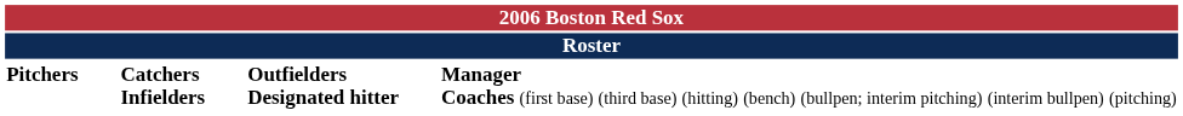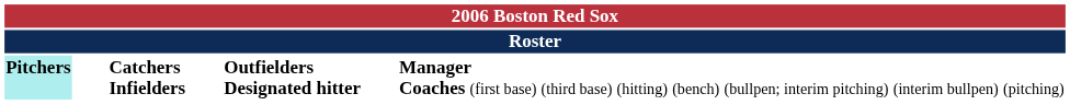 <table class="toccolours" style="text-align: left;">
 <tr>
 <th colspan="10" style="background-color: #ba313c; color: #FFFFFF; text-align: center;">2006 Boston Red Sox</th>
 </tr>
 <tr>
 <td colspan="10" style="background-color:#0d2b56; color: white; text-align: center;"><strong>Roster</strong></td>
 </tr>
 <tr>
-<td valign="top"><strong>Pitchers</strong><br>                           </td>
+<td valign="top" style="background: paleturquoise;"><strong>Pitchers</strong><br>                           </td>
 <td width="25px"></td>
 <td valign="top"><strong>Catchers</strong><br>      <strong>Infielders</strong>        </td>
 <td width="25px"></td>
 <td valign="top"><strong>Outfielders</strong><br>          <strong>Designated hitter</strong>  </td>
 <td width="25px"></td>
 <td valign="top"><strong>Manager</strong><br> <strong>Coaches</strong>  <small>(first base)</small>  <small>(third base)</small>  <small>(hitting)</small>  <small>(bench)</small>  <small>(bullpen; interim pitching)</small> <small> (interim bullpen)</small>  <small>(pitching)</small></td>
 </tr>
 <tr>
 </tr>
 </table>
